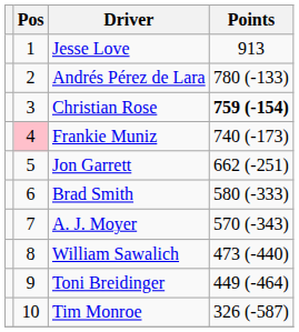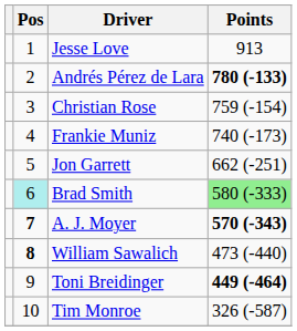 <table class="wikitable" style="font-size: 95%;">
 <tr>
 <th></th>
 <th>Pos</th>
 <th>Driver</th>
 <th>Points</th>
 </tr>
 <tr>
 <td align="left"></td>
 <td style="text-align:center;">1</td>
 <td><a href='#'>Jesse Love</a></td>
 <td style="text-align:center;">913</td>
 </tr>
 <tr>
 <td align="left"></td>
 <td style="text-align:center;">2</td>
 <td><a href='#'>Andrés Pérez de Lara</a></td>
-<td style="text-align:center;">780 (-133)</td>
+<td style="text-align:center;"><strong>780 (-133)</strong></td>
 </tr>
 <tr>
 <td align="left"></td>
 <td style="text-align:center;">3</td>
 <td><a href='#'>Christian Rose</a></td>
-<td style="text-align:center;"><strong>759 (-154)</strong></td>
+<td style="text-align:center;">759 (-154)</td>
 </tr>
 <tr>
 <td align="left"></td>
-<td style="background: pink; text-align:center;">4</td>
+<td style="text-align:center;">4</td>
 <td><a href='#'>Frankie Muniz</a></td>
 <td style="text-align:center;">740 (-173)</td>
 </tr>
 <tr>
 <td align="left"></td>
 <td style="text-align:center;">5</td>
 <td><a href='#'>Jon Garrett</a></td>
 <td style="text-align:center;">662 (-251)</td>
 </tr>
 <tr>
 <td align="left"></td>
-<td style="text-align:center;">6</td>
+<td style="background: paleturquoise; text-align:center;">6</td>
 <td><a href='#'>Brad Smith</a></td>
-<td style="text-align:center;">580 (-333)</td>
+<td style="background: lightgreen; text-align:center;">580 (-333)</td>
 </tr>
 <tr>
 <td align="left"></td>
-<td style="text-align:center;">7</td>
+<td style="text-align:center;"><strong>7</strong></td>
 <td><a href='#'>A. J. Moyer</a></td>
-<td style="text-align:center;">570 (-343)</td>
+<td style="text-align:center;"><strong>570 (-343)</strong></td>
 </tr>
 <tr>
 <td align="left"></td>
-<td style="text-align:center;">8</td>
+<td style="text-align:center;"><strong>8</strong></td>
 <td><a href='#'>William Sawalich</a></td>
 <td style="text-align:center;">473 (-440)</td>
 </tr>
 <tr>
 <td align="left"></td>
 <td style="text-align:center;">9</td>
 <td><a href='#'>Toni Breidinger</a></td>
-<td style="text-align:center;">449 (-464)</td>
+<td style="text-align:center;"><strong>449 (-464)</strong></td>
 </tr>
 <tr>
 <td align="left"></td>
 <td style="text-align:center;">10</td>
 <td><a href='#'>Tim Monroe</a></td>
 <td style="text-align:center;">326 (-587)</td>
 </tr>
 <tr class="sortbottom">
 </tr>
 </table>
